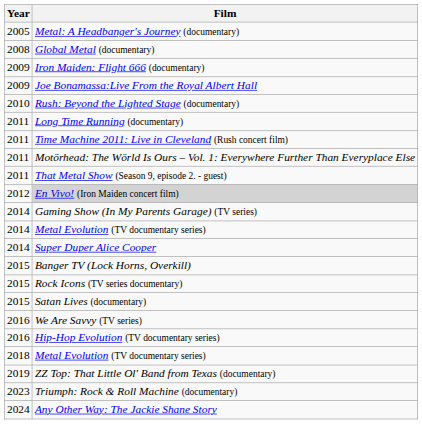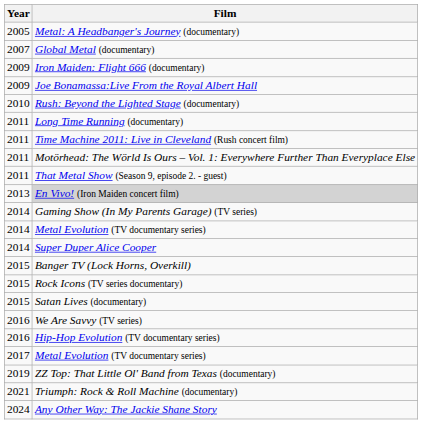 <table class="wikitable">
 <tr>
 <th>Year</th>
 <th>Film</th>
 </tr>
 <tr>
 <td>2005</td>
 <td><em><a href='#'>Metal: A Headbanger's Journey</a></em> <small>(documentary)</small></td>
 </tr>
 <tr>
-<td>2008</td>
+<td>2007</td>
 <td><em><a href='#'>Global Metal</a></em> <small>(documentary)</small></td>
 </tr>
 <tr>
 <td>2009</td>
 <td><em><a href='#'>Iron Maiden: Flight 666</a></em> <small>(documentary)</small></td>
 </tr>
 <tr>
 <td>2009</td>
 <td><em><a href='#'>Joe Bonamassa:Live From the Royal Albert Hall</a></em></td>
 </tr>
 <tr>
 <td>2010</td>
 <td><em><a href='#'>Rush: Beyond the Lighted Stage</a></em> <small>(documentary)</small></td>
 </tr>
 <tr>
 <td>2011</td>
 <td><em><a href='#'>Long Time Running</a></em> <small>(documentary)</small></td>
 </tr>
 <tr>
 <td>2011</td>
 <td><em><a href='#'>Time Machine 2011: Live in Cleveland</a></em> <small>(Rush concert film)</small></td>
 </tr>
 <tr>
 <td>2011</td>
 <td><em>Motörhead: The Wörld Is Ours – Vol. 1: Everywhere Further Than Everyplace Else</em></td>
 </tr>
 <tr>
 <td>2011</td>
 <td><em><a href='#'>That Metal Show</a></em> <small>(Season 9, episode 2. - guest)</small></td>
 </tr>
 <tr>
-<td>2012</td>
+<td>2013</td>
 <td style="background: lightgrey;"><em><a href='#'>En Vivo!</a></em> <small>(Iron Maiden concert film)</small></td>
 </tr>
 <tr>
 <td>2014</td>
 <td><em>Gaming Show (In My Parents Garage)</em> <small>(TV series)</small></td>
 </tr>
 <tr>
 <td>2014</td>
 <td><em><a href='#'>Metal Evolution</a></em> <small>(TV documentary series)</small></td>
 </tr>
 <tr>
 <td>2014</td>
 <td><em><a href='#'>Super Duper Alice Cooper</a></em></td>
 </tr>
 <tr>
 <td>2015</td>
 <td><em>Banger TV (Lock Horns, Overkill)</em></td>
 </tr>
 <tr>
 <td>2015</td>
 <td><em>Rock Icons</em> <small>(TV series documentary)</small></td>
 </tr>
 <tr>
 <td>2015</td>
 <td><em>Satan Lives</em> <small>(documentary)</small></td>
 </tr>
 <tr>
 <td>2016</td>
 <td><em>We Are Savvy</em> <small>(TV series)</small></td>
 </tr>
 <tr>
 <td>2016</td>
 <td><em><a href='#'>Hip-Hop Evolution</a></em> <small>(TV documentary series)</small></td>
 </tr>
 <tr>
-<td>2018</td>
+<td>2017</td>
 <td><em><a href='#'>Metal Evolution</a></em> <small>(TV documentary series)</small></td>
 </tr>
 <tr>
 <td>2019</td>
 <td><em>ZZ Top: That Little Ol' Band from Texas</em> <small>(documentary)</small></td>
 </tr>
 <tr>
-<td>2023</td>
+<td>2021</td>
 <td><em>Triumph: Rock & Roll Machine</em> <small>(documentary)</small></td>
 </tr>
 <tr>
 <td>2024</td>
 <td><em><a href='#'>Any Other Way: The Jackie Shane Story</a></em></td>
 </tr>
 </table>
